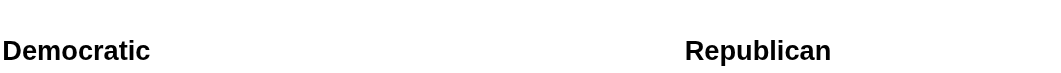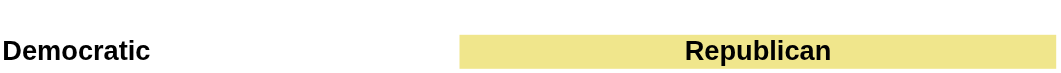 <table style="width:60%; text-align:center">
 <tr style="color:white">
 <td style="background:">258</td>
 <td style="background:">1</td>
 <td style="background:">176</td>
 </tr>
 <tr>
 <td><span><strong>Democratic</strong></span></td>
 <td></td>
-<td><span><strong>Republican</strong></span></td>
+<td style="background: khaki;"><span><strong>Republican</strong></span></td>
 </tr>
 </table>
